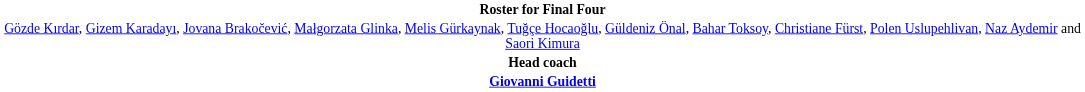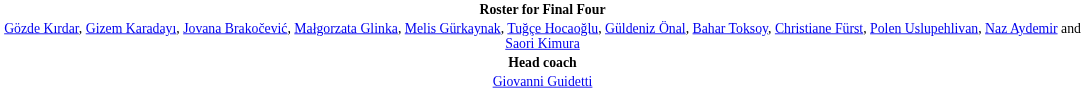 <table style="text-align: center; margin-top: 2em; margin-left: auto; margin-right: auto">
 <tr>
 <td><strong>Roster for Final Four</strong></td>
 </tr>
 <tr>
 <td><a href='#'>Gözde Kırdar</a>, <a href='#'>Gizem Karadayı</a>, <a href='#'>Jovana Brakočević</a>, <a href='#'>Małgorzata Glinka</a>, <a href='#'>Melis Gürkaynak</a>, <a href='#'>Tuğçe Hocaoğlu</a>, <a href='#'>Güldeniz Önal</a>, <a href='#'>Bahar Toksoy</a>, <a href='#'>Christiane Fürst</a>, <a href='#'>Polen Uslupehlivan</a>, <a href='#'>Naz Aydemir</a> and <a href='#'>Saori Kimura</a></td>
 </tr>
 <tr>
 <td><strong>Head coach</strong></td>
 </tr>
 <tr>
-<td><strong><a href='#'>Giovanni Guidetti</a></strong></td>
+<td><a href='#'>Giovanni Guidetti</a></td>
 </tr>
 </table>
